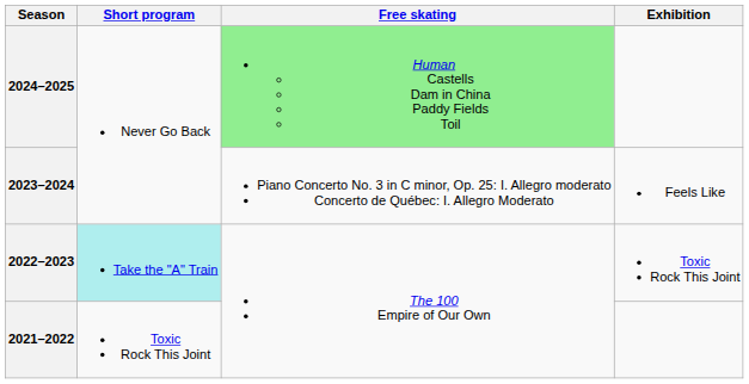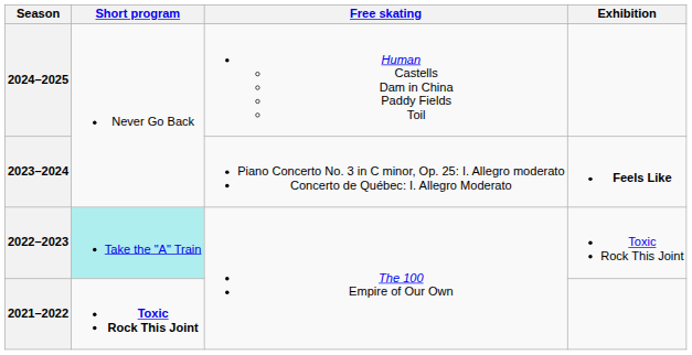 <table class="wikitable" style="text-align:center">
 <tr>
 <th>Season</th>
 <th><a href='#'>Short program</a></th>
 <th><a href='#'>Free skating</a></th>
 <th>Exhibition</th>
 </tr>
 <tr>
 <th>2024–2025 <br> </th>
 <td rowspan=2><br><ul><li>Never Go Back <br> </li></ul></td>
-<td style="background: lightgreen;"><br><ul><li><em><a href='#'>Human</a></em><ul><li>Castells</li><li>Dam in China</li><li>Paddy Fields</li><li>Toil <br> </li></ul></li></ul></td>
+<td><br><ul><li><em><a href='#'>Human</a></em><ul><li>Castells</li><li>Dam in China</li><li>Paddy Fields</li><li>Toil <br> </li></ul></li></ul></td>
 <td></td>
 </tr>
 <tr>
 <th>2023–2024 <br> </th>
 <td><br><ul><li>Piano Concerto No. 3 in C minor, Op. 25: I. Allegro moderato</li><li>Concerto de Québec: I. Allegro Moderato <br> </li></ul></td>
-<td><br><ul><li>Feels Like <br> </li></ul></td>
+<td><strong><br><ul><li>Feels Like <br> </li></ul></strong></td>
 </tr>
 <tr>
 <th>2022–2023 <br> </th>
 <td style="background: paleturquoise;"><br><ul><li><a href='#'>Take the "A" Train</a> <br> </li></ul></td>
 <td rowspan=2><br><ul><li><em><a href='#'>The 100</a></em> <br> </li><li>Empire of Our Own <br> </li></ul></td>
 <td><br><ul><li><a href='#'>Toxic</a> <br> </li><li>Rock This Joint <br> </li></ul></td>
 </tr>
 <tr>
 <th>2021–2022 <br> </th>
-<td><br><ul><li><a href='#'>Toxic</a> <br> </li><li>Rock This Joint <br> </li></ul></td>
+<td><strong><br><ul><li><a href='#'>Toxic</a> <br> </li><li>Rock This Joint <br> </li></ul></strong></td>
 <td></td>
 </tr>
 </table>
